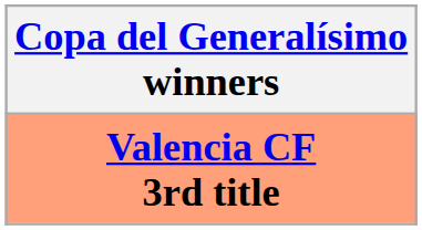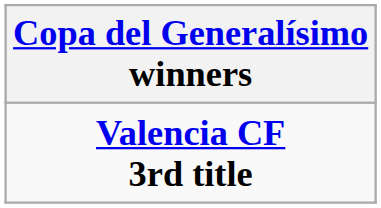 <table class="wikitable" style="text-align: center; margin: 0 auto;">
 <tr>
 <th><a href='#'>Copa del Generalísimo</a><br>winners</th>
 </tr>
 <tr>
-<td style="background: lightsalmon;"><strong><a href='#'>Valencia CF</a></strong><br><strong>3rd title</strong></td>
+<td><strong><a href='#'>Valencia CF</a></strong><br><strong>3rd title</strong></td>
 </tr>
 </table>
